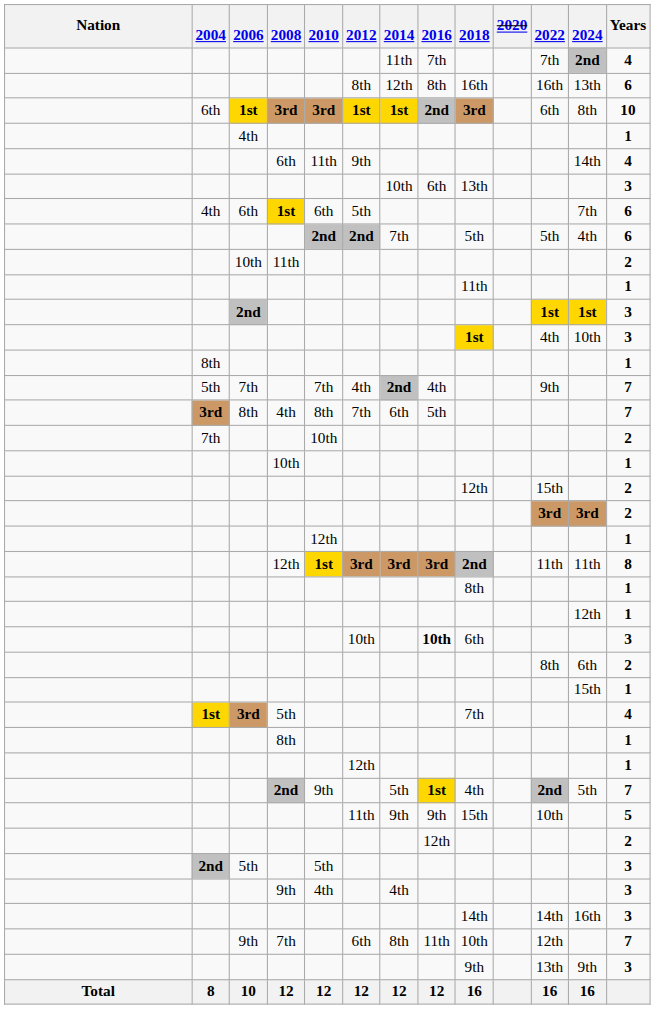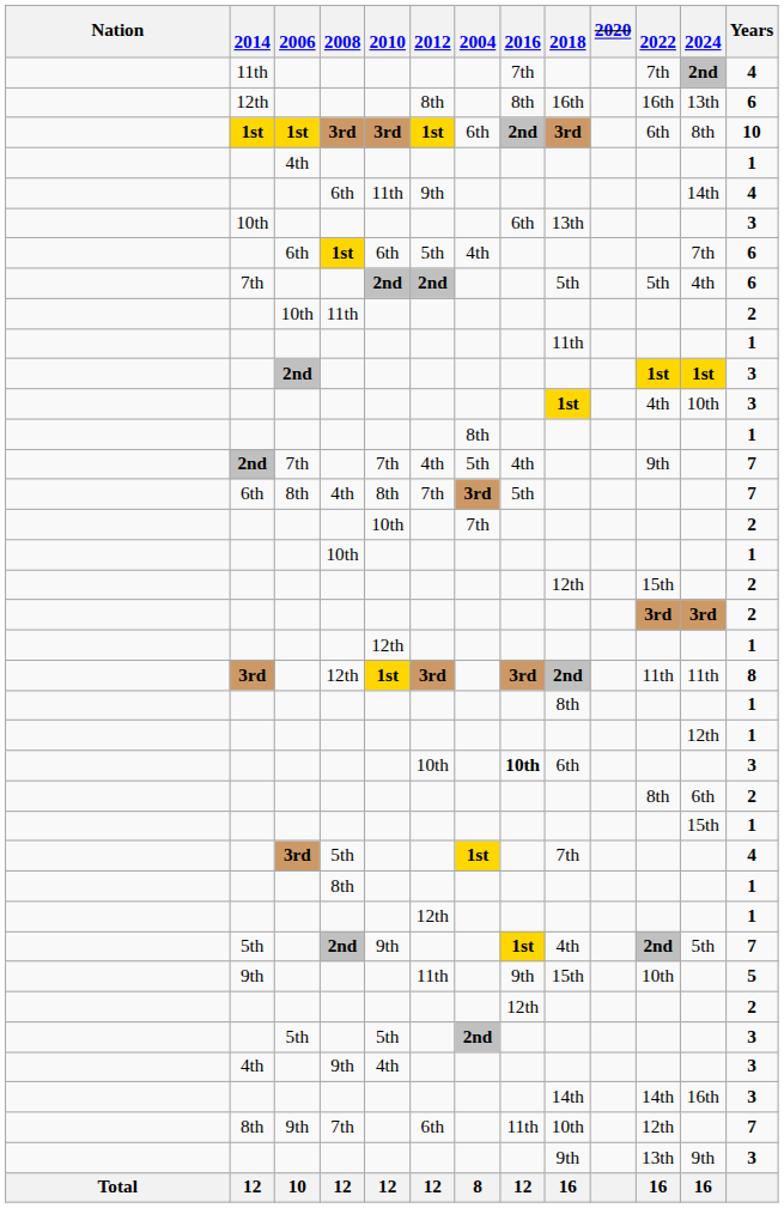 <table class="wikitable" style="text-align:center; font-size:90%">
 <tr>
 <th width=170>Nation</th>
-<th><br><a href='#'>2004</a></th>
+<th><br><a href='#'>2014</a></th>
 <th><br><a href='#'>2006</a></th>
 <th><br><a href='#'>2008</a></th>
 <th><br><a href='#'>2010</a></th>
 <th><br><a href='#'>2012</a></th>
-<th><br><a href='#'>2014</a></th>
+<th><br><a href='#'>2004</a></th>
 <th><br><a href='#'>2016</a></th>
 <th><br><a href='#'>2018</a></th>
 <th><s><a href='#'>2020</a></s></th>
 <th><br><a href='#'>2022</a></th>
 <th><br><a href='#'>2024</a></th>
 <th>Years</th>
 </tr>
 <tr>
 <td align=left></td>
+<td>11th</td>
 <td></td>
 <td></td>
 <td></td>
 <td></td>
 <td></td>
-<td>11th</td>
 <td>7th</td>
 <td></td>
 <td></td>
 <td>7th</td>
 <td bgcolor=silver><strong>2nd</strong></td>
 <td><strong>4</strong></td>
 </tr>
 <tr>
 <td align=left></td>
-<td></td>
+<td>12th</td>
 <td></td>
 <td></td>
 <td></td>
 <td>8th</td>
-<td>12th</td>
+<td></td>
 <td>8th</td>
 <td>16th</td>
 <td></td>
 <td>16th</td>
 <td>13th</td>
 <td><strong>6</strong></td>
 </tr>
 <tr>
 <td align=left></td>
-<td>6th</td>
+<td bgcolor=gold><strong>1st</strong></td>
 <td bgcolor=gold><strong>1st</strong></td>
 <td bgcolor=#cc9966><strong>3rd</strong></td>
 <td bgcolor=#cc9966><strong>3rd</strong></td>
 <td bgcolor=gold><strong>1st</strong></td>
-<td bgcolor=gold><strong>1st</strong></td>
+<td>6th</td>
 <td bgcolor=silver><strong>2nd</strong></td>
 <td bgcolor=#cc9966><strong>3rd</strong></td>
 <td></td>
 <td>6th</td>
 <td>8th</td>
 <td><strong>10</strong></td>
 </tr>
 <tr>
 <td align=left></td>
 <td></td>
 <td>4th</td>
 <td></td>
 <td></td>
 <td></td>
 <td></td>
 <td></td>
 <td></td>
 <td></td>
 <td></td>
 <td></td>
 <td><strong>1</strong></td>
 </tr>
 <tr>
 <td align=left></td>
 <td></td>
 <td></td>
 <td>6th</td>
 <td>11th</td>
 <td>9th</td>
 <td></td>
 <td></td>
 <td></td>
 <td></td>
 <td></td>
 <td>14th</td>
 <td><strong>4</strong></td>
 </tr>
 <tr>
 <td align=left></td>
+<td>10th</td>
 <td></td>
 <td></td>
 <td></td>
 <td></td>
 <td></td>
-<td>10th</td>
 <td>6th</td>
 <td>13th</td>
 <td></td>
 <td></td>
 <td></td>
 <td><strong>3</strong></td>
 </tr>
 <tr>
 <td align=left></td>
-<td>4th</td>
+<td></td>
 <td>6th</td>
 <td bgcolor=gold><strong>1st</strong></td>
 <td>6th</td>
 <td>5th</td>
-<td></td>
+<td>4th</td>
 <td></td>
 <td></td>
 <td></td>
 <td></td>
 <td>7th</td>
 <td><strong>6</strong></td>
 </tr>
 <tr>
 <td align=left></td>
-<td></td>
+<td>7th</td>
 <td></td>
 <td></td>
 <td bgcolor=silver><strong>2nd</strong></td>
 <td bgcolor=silver><strong>2nd</strong></td>
-<td>7th</td>
+<td></td>
 <td></td>
 <td>5th</td>
 <td></td>
 <td>5th</td>
 <td>4th</td>
 <td><strong>6</strong></td>
 </tr>
 <tr>
 <td align=left></td>
 <td></td>
 <td>10th</td>
 <td>11th</td>
 <td></td>
 <td></td>
 <td></td>
 <td></td>
 <td></td>
 <td></td>
 <td></td>
 <td></td>
 <td><strong>2</strong></td>
 </tr>
 <tr>
 <td align=left></td>
 <td></td>
 <td></td>
 <td></td>
 <td></td>
 <td></td>
 <td></td>
 <td></td>
 <td>11th</td>
 <td></td>
 <td></td>
 <td></td>
 <td><strong>1</strong></td>
 </tr>
 <tr>
 <td align=left></td>
 <td></td>
 <td bgcolor=silver><strong>2nd</strong></td>
 <td></td>
 <td></td>
 <td></td>
 <td></td>
 <td></td>
 <td></td>
 <td></td>
 <td bgcolor=gold><strong>1st</strong></td>
 <td bgcolor=gold><strong>1st</strong></td>
 <td><strong>3</strong></td>
 </tr>
 <tr>
 <td align=left></td>
 <td></td>
 <td></td>
 <td></td>
 <td></td>
 <td></td>
 <td></td>
 <td></td>
 <td bgcolor=gold><strong>1st</strong></td>
 <td></td>
 <td>4th</td>
 <td>10th</td>
 <td><strong>3</strong></td>
 </tr>
 <tr>
 <td align=left></td>
-<td>8th</td>
 <td></td>
 <td></td>
 <td></td>
 <td></td>
 <td></td>
+<td>8th</td>
 <td></td>
 <td></td>
 <td></td>
 <td></td>
 <td></td>
 <td><strong>1</strong></td>
 </tr>
 <tr>
 <td align=left></td>
-<td>5th</td>
+<td bgcolor=silver><strong>2nd</strong></td>
 <td>7th</td>
 <td></td>
 <td>7th</td>
 <td>4th</td>
-<td bgcolor=silver><strong>2nd</strong></td>
+<td>5th</td>
 <td>4th</td>
 <td></td>
 <td></td>
 <td>9th</td>
 <td></td>
 <td><strong>7</strong></td>
 </tr>
 <tr>
 <td align=left></td>
-<td bgcolor=#cc9966><strong>3rd</strong></td>
+<td>6th</td>
 <td>8th</td>
 <td>4th</td>
 <td>8th</td>
 <td>7th</td>
-<td>6th</td>
+<td bgcolor=#cc9966><strong>3rd</strong></td>
 <td>5th</td>
 <td></td>
 <td></td>
 <td></td>
 <td></td>
 <td><strong>7</strong></td>
 </tr>
 <tr>
 <td align=left></td>
-<td>7th</td>
+<td></td>
 <td></td>
 <td></td>
 <td>10th</td>
 <td></td>
-<td></td>
+<td>7th</td>
 <td></td>
 <td></td>
 <td></td>
 <td></td>
 <td></td>
 <td><strong>2</strong></td>
 </tr>
 <tr>
 <td align=left></td>
 <td></td>
 <td></td>
 <td>10th</td>
 <td></td>
 <td></td>
 <td></td>
 <td></td>
 <td></td>
 <td></td>
 <td></td>
 <td></td>
 <td><strong>1</strong></td>
 </tr>
 <tr>
 <td align=left></td>
 <td></td>
 <td></td>
 <td></td>
 <td></td>
 <td></td>
 <td></td>
 <td></td>
 <td>12th</td>
 <td></td>
 <td>15th</td>
 <td></td>
 <td><strong>2</strong></td>
 </tr>
 <tr>
 <td align=left></td>
 <td></td>
 <td></td>
 <td></td>
 <td></td>
 <td></td>
 <td></td>
 <td></td>
 <td></td>
 <td></td>
 <td bgcolor=#cc9966><strong>3rd</strong></td>
 <td bgcolor=#cc9966><strong>3rd</strong></td>
 <td><strong>2</strong></td>
 </tr>
 <tr>
 <td align=left></td>
 <td></td>
 <td></td>
 <td></td>
 <td>12th</td>
 <td></td>
 <td></td>
 <td></td>
 <td></td>
 <td></td>
 <td></td>
 <td></td>
 <td><strong>1</strong></td>
 </tr>
 <tr>
 <td align=left></td>
-<td></td>
+<td bgcolor=#cc9966><strong>3rd</strong></td>
 <td></td>
 <td>12th</td>
 <td bgcolor=gold><strong>1st</strong></td>
 <td bgcolor=#cc9966><strong>3rd</strong></td>
-<td bgcolor=#cc9966><strong>3rd</strong></td>
+<td></td>
 <td bgcolor=#cc9966><strong>3rd</strong></td>
 <td bgcolor=silver><strong>2nd</strong></td>
 <td></td>
 <td>11th</td>
 <td>11th</td>
 <td><strong>8</strong></td>
 </tr>
 <tr>
 <td align=left></td>
 <td></td>
 <td></td>
 <td></td>
 <td></td>
 <td></td>
 <td></td>
 <td></td>
 <td>8th</td>
 <td></td>
 <td></td>
 <td></td>
 <td><strong>1</strong></td>
 </tr>
 <tr>
 <td align=left></td>
 <td></td>
 <td></td>
 <td></td>
 <td></td>
 <td></td>
 <td></td>
 <td></td>
 <td></td>
 <td></td>
 <td></td>
 <td>12th</td>
 <td><strong>1</strong></td>
 </tr>
 <tr>
 <td align=left></td>
 <td></td>
 <td></td>
 <td></td>
 <td></td>
 <td>10th</td>
 <td></td>
 <td><strong>10th</strong></td>
 <td>6th</td>
 <td></td>
 <td></td>
 <td></td>
 <td><strong>3</strong></td>
 </tr>
 <tr>
 <td align=left></td>
 <td></td>
 <td></td>
 <td></td>
 <td></td>
 <td></td>
 <td></td>
 <td></td>
 <td></td>
 <td></td>
 <td>8th</td>
 <td>6th</td>
 <td><strong>2</strong></td>
 </tr>
 <tr>
 <td align=left></td>
 <td></td>
 <td></td>
 <td></td>
 <td></td>
 <td></td>
 <td></td>
 <td></td>
 <td></td>
 <td></td>
 <td></td>
 <td>15th</td>
 <td><strong>1</strong></td>
 </tr>
 <tr>
 <td align=left></td>
-<td bgcolor=gold><strong>1st</strong></td>
+<td></td>
 <td bgcolor=#cc9966><strong>3rd</strong></td>
 <td>5th</td>
 <td></td>
 <td></td>
-<td></td>
+<td bgcolor=gold><strong>1st</strong></td>
 <td></td>
 <td>7th</td>
 <td></td>
 <td></td>
 <td></td>
 <td><strong>4</strong></td>
 </tr>
 <tr>
 <td align=left></td>
 <td></td>
 <td></td>
 <td>8th</td>
 <td></td>
 <td></td>
 <td></td>
 <td></td>
 <td></td>
 <td></td>
 <td></td>
 <td></td>
 <td><strong>1</strong></td>
 </tr>
 <tr>
 <td align=left></td>
 <td></td>
 <td></td>
 <td></td>
 <td></td>
 <td>12th</td>
 <td></td>
 <td></td>
 <td></td>
 <td></td>
 <td></td>
 <td></td>
 <td><strong>1</strong></td>
 </tr>
 <tr>
 <td align=left></td>
-<td></td>
+<td>5th</td>
 <td></td>
 <td bgcolor=silver><strong>2nd</strong></td>
 <td>9th</td>
 <td></td>
-<td>5th</td>
+<td></td>
 <td bgcolor=gold><strong>1st</strong></td>
 <td>4th</td>
 <td></td>
 <td bgcolor=silver><strong>2nd</strong></td>
 <td>5th</td>
 <td><strong>7</strong></td>
 </tr>
 <tr>
 <td align=left></td>
-<td></td>
+<td>9th</td>
 <td></td>
 <td></td>
 <td></td>
 <td>11th</td>
-<td>9th</td>
+<td></td>
 <td>9th</td>
 <td>15th</td>
 <td></td>
 <td>10th</td>
 <td></td>
 <td><strong>5</strong></td>
 </tr>
 <tr>
 <td align=left></td>
 <td></td>
 <td></td>
 <td></td>
 <td></td>
 <td></td>
 <td></td>
 <td>12th</td>
 <td></td>
 <td></td>
 <td></td>
 <td></td>
 <td><strong>2</strong></td>
 </tr>
 <tr>
 <td align=left></td>
-<td bgcolor=silver><strong>2nd</strong></td>
+<td></td>
 <td>5th</td>
 <td></td>
 <td>5th</td>
 <td></td>
-<td></td>
+<td bgcolor=silver><strong>2nd</strong></td>
 <td></td>
 <td></td>
 <td></td>
 <td></td>
 <td></td>
 <td><strong>3</strong></td>
 </tr>
 <tr>
 <td align=left></td>
-<td></td>
+<td>4th</td>
 <td></td>
 <td>9th</td>
 <td>4th</td>
 <td></td>
-<td>4th</td>
+<td></td>
 <td></td>
 <td></td>
 <td></td>
 <td></td>
 <td></td>
 <td><strong>3</strong></td>
 </tr>
 <tr>
 <td align=left></td>
 <td></td>
 <td></td>
 <td></td>
 <td></td>
 <td></td>
 <td></td>
 <td></td>
 <td>14th</td>
 <td></td>
 <td>14th</td>
 <td>16th</td>
 <td><strong>3</strong></td>
 </tr>
 <tr>
 <td align=left></td>
-<td></td>
+<td>8th</td>
 <td>9th</td>
 <td>7th</td>
 <td></td>
 <td>6th</td>
-<td>8th</td>
+<td></td>
 <td>11th</td>
 <td>10th</td>
 <td></td>
 <td>12th</td>
 <td></td>
 <td><strong>7</strong></td>
 </tr>
 <tr>
 <td align=left></td>
 <td></td>
 <td></td>
 <td></td>
 <td></td>
 <td></td>
 <td></td>
 <td></td>
 <td>9th</td>
 <td></td>
 <td>13th</td>
 <td>9th</td>
 <td><strong>3</strong></td>
 </tr>
 <tr>
 <th>Total</th>
-<th>8</th>
+<th>12</th>
 <th>10</th>
 <th>12</th>
 <th>12</th>
 <th>12</th>
-<th>12</th>
+<th>8</th>
 <th>12</th>
 <th>16</th>
 <th></th>
 <th>16</th>
 <th>16</th>
 <th></th>
 </tr>
 </table>
